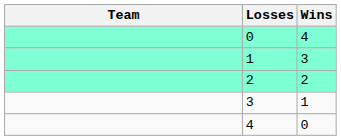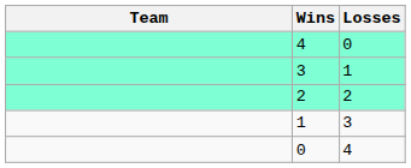 <table class="wikitable">
 <tr>
 <th width=225>Team</th>
+<th>Wins</th>
 <th>Losses</th>
-<th>Wins</th>
 </tr>
 <tr style="background:#7FFFD4">
 <td></td>
+<td>4</td>
 <td>0</td>
-<td>4</td>
 </tr>
 <tr style="background:#7FFFD4 ">
 <td></td>
+<td>3</td>
 <td>1</td>
-<td>3</td>
 </tr>
 <tr style="background:#7FFFD4">
 <td></td>
 <td>2</td>
 <td>2</td>
 </tr>
 <tr>
 <td></td>
+<td>1</td>
 <td>3</td>
-<td>1</td>
 </tr>
 <tr>
 <td></td>
+<td>0</td>
 <td>4</td>
-<td>0</td>
 </tr>
 </table>
